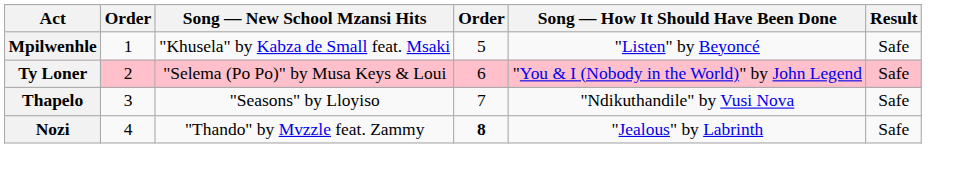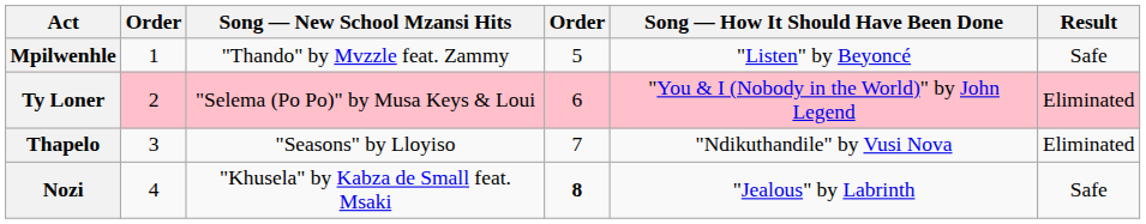 <table class="wikitable plainrowheaders" style="text-align:center;">
 <tr>
 <th scope"col">Act</th>
 <th scope"col">Order</th>
 <th scope"col">Song — New School Mzansi Hits</th>
 <th scope"col">Order</th>
 <th scope"col">Song — How It Should Have Been Done</th>
 <th scope"col">Result</th>
 </tr>
 <tr>
 <th scope=row>Mpilwenhle</th>
 <td>1</td>
-<td>"Khusela" by <a href='#'>Kabza de Small</a> feat. <a href='#'>Msaki</a></td>
+<td>"Thando" by <a href='#'>Mvzzle</a> feat. Zammy</td>
 <td>5</td>
 <td>"<a href='#'>Listen</a>" by <a href='#'>Beyoncé</a></td>
 <td>Safe</td>
 </tr>
 <tr style="background: pink">
 <th scope=row>Ty Loner</th>
 <td>2</td>
 <td>"Selema (Po Po)" by Musa Keys & Loui</td>
 <td>6</td>
 <td>"<a href='#'>You & I (Nobody in the World)</a>" by <a href='#'>John Legend</a></td>
-<td>Safe</td>
+<td>Eliminated</td>
 </tr>
 <tr>
 <th scope=row>Thapelo</th>
 <td>3</td>
 <td>"Seasons" by Lloyiso</td>
 <td>7</td>
 <td>"Ndikuthandile" by <a href='#'>Vusi Nova</a></td>
-<td>Safe</td>
+<td>Eliminated</td>
 </tr>
 <tr>
 <th scope=row>Nozi</th>
 <td>4</td>
-<td>"Thando" by <a href='#'>Mvzzle</a> feat. Zammy</td>
+<td>"Khusela" by <a href='#'>Kabza de Small</a> feat. <a href='#'>Msaki</a></td>
 <td><strong>8</strong></td>
 <td>"<a href='#'>Jealous</a>" by <a href='#'>Labrinth</a></td>
 <td>Safe</td>
 </tr>
 </table>
